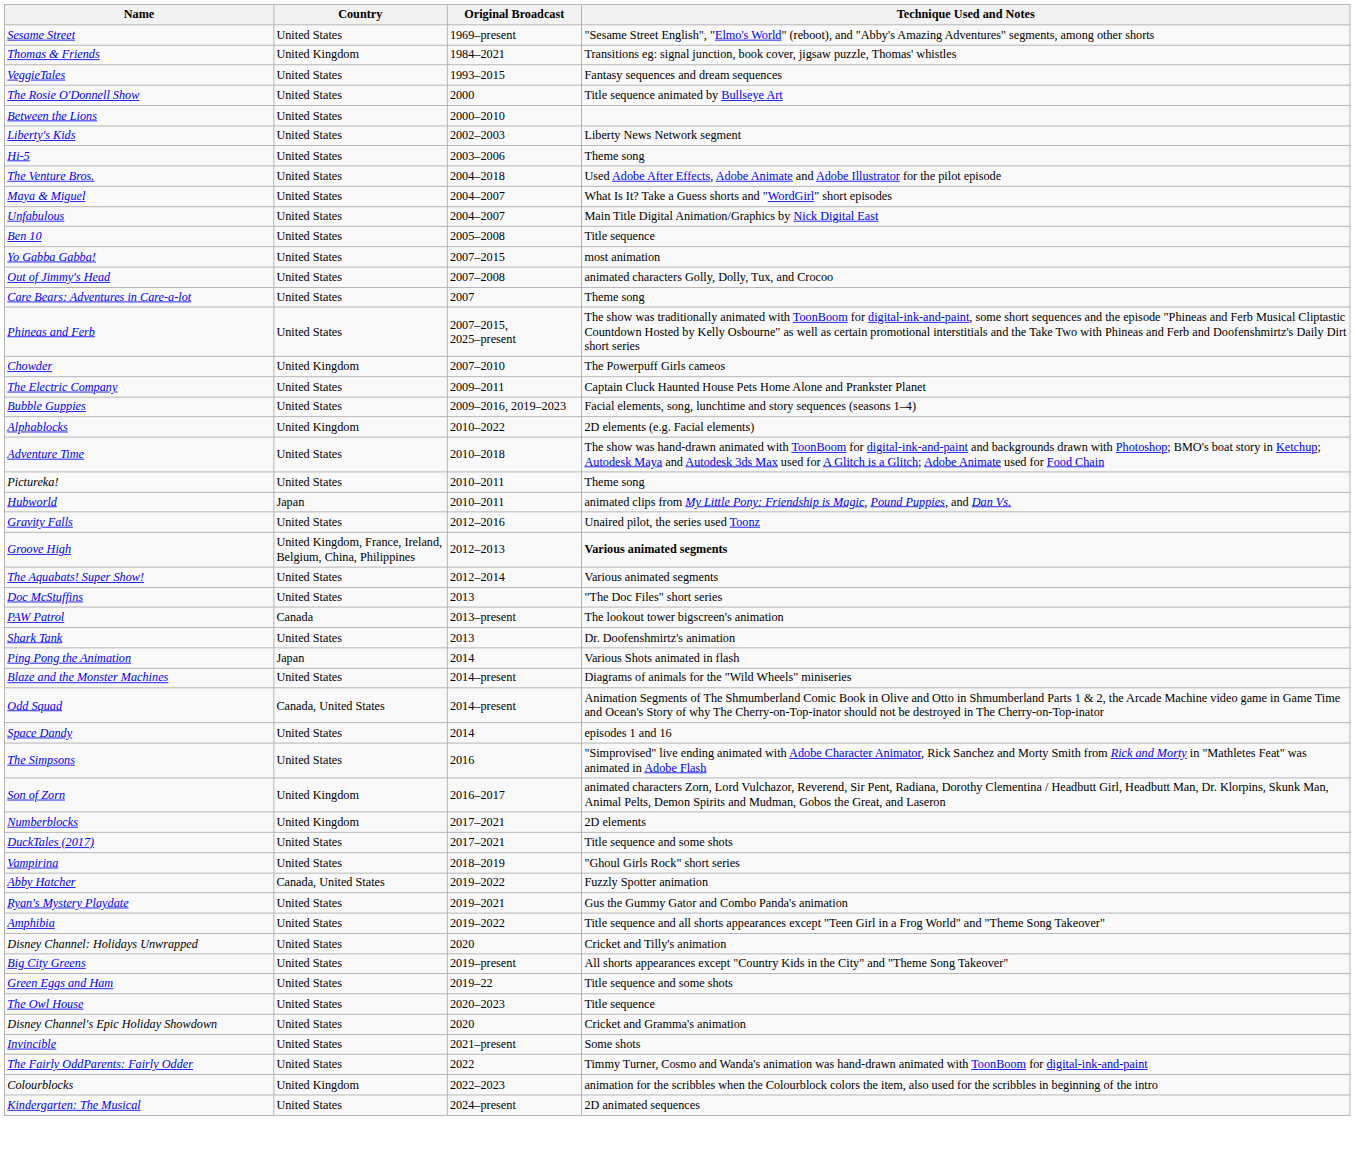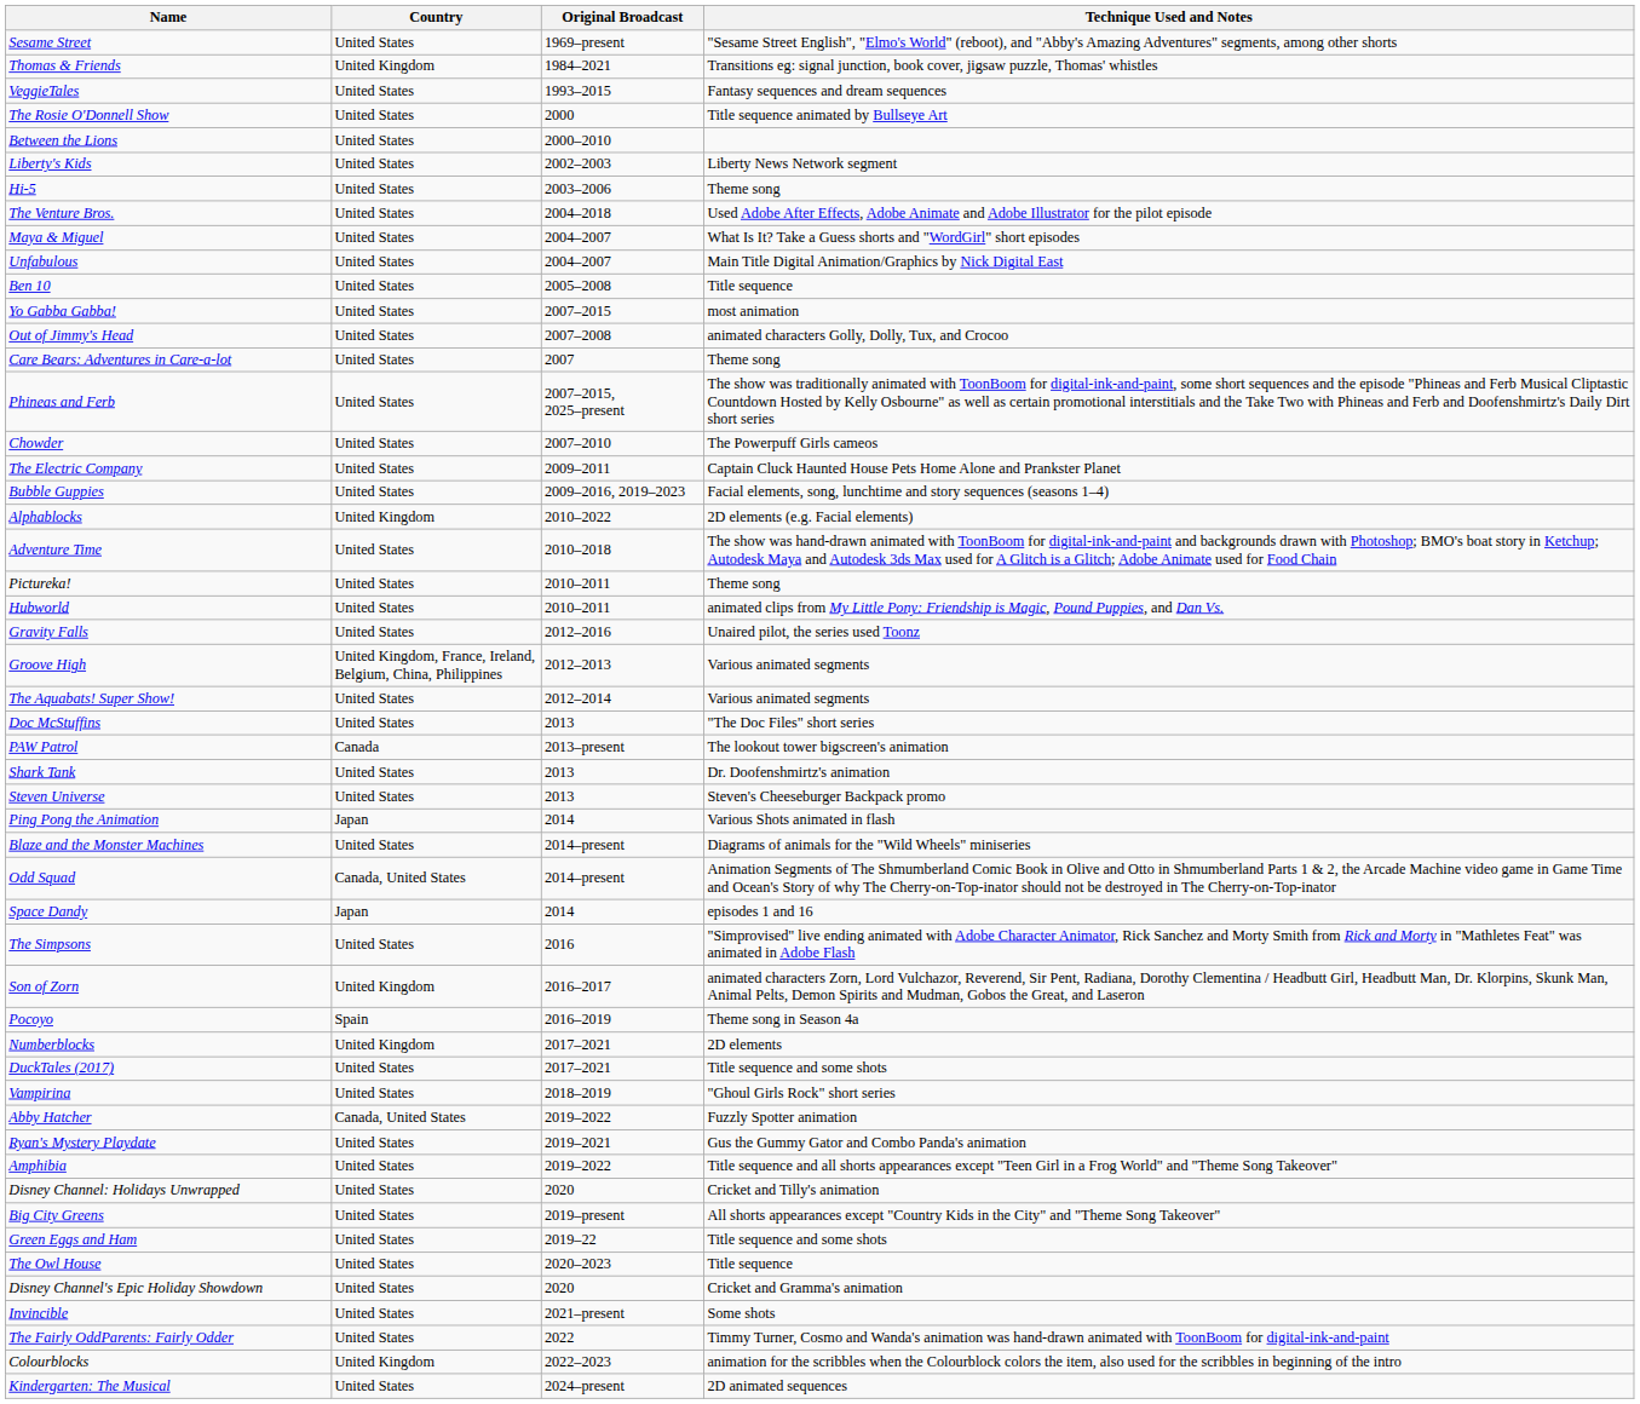 <table class="wikitable sortable" style="text-align: left; font-size:90%; width:100%;">
 <tr>
 <th style="width:20%">Name</th>
 <th>Country</th>
 <th style="width:10%">Original Broadcast</th>
 <th>Technique Used and Notes</th>
 </tr>
 <tr>
 <td><em><a href='#'>Sesame Street</a></em></td>
 <td>United States</td>
 <td>1969–present</td>
 <td>"Sesame Street English", "<a href='#'>Elmo's World</a>" (reboot), and "Abby's Amazing Adventures" segments, among other shorts</td>
 </tr>
 <tr>
 <td><em><a href='#'>Thomas & Friends</a></em></td>
 <td>United Kingdom</td>
 <td>1984–2021</td>
 <td>Transitions eg: signal junction, book cover, jigsaw puzzle, Thomas' whistles</td>
 </tr>
 <tr>
 <td><em><a href='#'>VeggieTales</a></em></td>
 <td>United States</td>
 <td>1993–2015</td>
 <td>Fantasy sequences and dream sequences</td>
 </tr>
 <tr>
 <td><em><a href='#'>The Rosie O'Donnell Show</a></em></td>
 <td>United States</td>
 <td>2000</td>
 <td>Title sequence animated by <a href='#'>Bullseye Art</a></td>
 </tr>
 <tr>
 <td><em><a href='#'>Between the Lions</a></em></td>
 <td>United States</td>
 <td>2000–2010</td>
 <td></td>
 </tr>
 <tr>
 <td><em><a href='#'>Liberty's Kids</a></em></td>
 <td>United States</td>
 <td>2002–2003</td>
 <td>Liberty News Network segment</td>
 </tr>
 <tr>
 <td><em><a href='#'>Hi-5</a></em></td>
 <td>United States</td>
 <td>2003–2006</td>
 <td>Theme song</td>
 </tr>
 <tr>
 <td><em><a href='#'>The Venture Bros.</a></em></td>
 <td>United States</td>
 <td>2004–2018</td>
 <td>Used <a href='#'>Adobe After Effects</a>, <a href='#'>Adobe Animate</a> and <a href='#'>Adobe Illustrator</a> for the pilot episode</td>
 </tr>
 <tr>
 <td><em><a href='#'>Maya & Miguel</a></em></td>
 <td>United States</td>
 <td>2004–2007</td>
 <td>What Is It? Take a Guess shorts and "<a href='#'>WordGirl</a>" short episodes</td>
 </tr>
 <tr>
 <td><em><a href='#'>Unfabulous</a></em></td>
 <td>United States</td>
 <td>2004–2007</td>
 <td>Main Title Digital Animation/Graphics by <a href='#'>Nick Digital East</a></td>
 </tr>
 <tr>
 <td><em><a href='#'>Ben 10</a></em></td>
 <td>United States</td>
 <td>2005–2008</td>
 <td>Title sequence</td>
 </tr>
 <tr>
 <td><em><a href='#'>Yo Gabba Gabba!</a></em></td>
 <td>United States</td>
 <td>2007–2015</td>
 <td>most animation</td>
 </tr>
 <tr>
 <td><em><a href='#'>Out of Jimmy's Head</a></em></td>
 <td>United States</td>
 <td>2007–2008</td>
 <td>animated characters Golly, Dolly, Tux, and Crocoo</td>
 </tr>
 <tr>
 <td><em><a href='#'>Care Bears: Adventures in Care-a-lot</a></em></td>
 <td>United States</td>
 <td>2007</td>
 <td>Theme song</td>
 </tr>
 <tr>
 <td><em><a href='#'>Phineas and Ferb</a></em></td>
 <td>United States</td>
 <td>2007–2015,<br>2025–present</td>
 <td>The show was traditionally animated with <a href='#'>ToonBoom</a> for <a href='#'>digital-ink-and-paint</a>, some short sequences and the episode "Phineas and Ferb Musical Cliptastic Countdown Hosted by Kelly Osbourne" as well as certain promotional interstitials and the Take Two with Phineas and Ferb and Doofenshmirtz's Daily Dirt short series</td>
 </tr>
 <tr>
 <td><em><a href='#'>Chowder</a></em></td>
-<td>United Kingdom</td>
+<td>United States</td>
 <td>2007–2010</td>
 <td>The Powerpuff Girls cameos</td>
 </tr>
 <tr>
 <td><em><a href='#'>The Electric Company</a></em></td>
 <td>United States</td>
 <td>2009–2011</td>
 <td>Captain Cluck Haunted House Pets Home Alone and Prankster Planet</td>
 </tr>
 <tr>
 <td><em><a href='#'>Bubble Guppies</a></em></td>
 <td>United States</td>
 <td>2009–2016, 2019–2023</td>
 <td>Facial elements, song, lunchtime and story sequences (seasons 1–4)</td>
 </tr>
 <tr>
 <td><em><a href='#'>Alphablocks</a></em></td>
 <td>United Kingdom</td>
 <td>2010–2022</td>
 <td>2D elements (e.g. Facial elements)</td>
 </tr>
 <tr>
 <td><em><a href='#'>Adventure Time</a></em></td>
 <td>United States</td>
 <td>2010–2018</td>
 <td>The show was hand-drawn animated with <a href='#'>ToonBoom</a> for <a href='#'>digital-ink-and-paint</a> and backgrounds drawn with <a href='#'>Photoshop</a>; BMO's boat story in <a href='#'>Ketchup</a>; <a href='#'>Autodesk Maya</a> and <a href='#'>Autodesk 3ds Max</a> used for <a href='#'>A Glitch is a Glitch</a>; <a href='#'>Adobe Animate</a> used for <a href='#'>Food Chain</a></td>
 </tr>
 <tr>
 <td><em>Pictureka!</em></td>
 <td>United States</td>
 <td>2010–2011</td>
 <td>Theme song</td>
 </tr>
 <tr>
 <td><em><a href='#'>Hubworld</a></em></td>
-<td>Japan</td>
+<td>United States</td>
 <td>2010–2011</td>
 <td>animated clips from <em><a href='#'>My Little Pony: Friendship is Magic</a></em>, <em><a href='#'>Pound Puppies</a></em>, and <em><a href='#'>Dan Vs.</a></em></td>
 </tr>
 <tr>
 <td><em><a href='#'>Gravity Falls</a></em></td>
 <td>United States</td>
 <td>2012–2016</td>
 <td>Unaired pilot, the series used <a href='#'>Toonz</a></td>
 </tr>
 <tr>
 <td><em><a href='#'>Groove High</a></em></td>
 <td>United Kingdom, France, Ireland, Belgium, China, Philippines</td>
 <td>2012–2013</td>
-<td><strong>Various animated segments</strong></td>
+<td>Various animated segments</td>
 </tr>
 <tr>
 <td><em><a href='#'>The Aquabats! Super Show!</a></em></td>
 <td>United States</td>
 <td>2012–2014</td>
 <td>Various animated segments</td>
 </tr>
 <tr>
 <td><em><a href='#'>Doc McStuffins</a></em></td>
 <td>United States</td>
 <td>2013</td>
 <td>"The Doc Files" short series</td>
 </tr>
 <tr>
 <td><em><a href='#'>PAW Patrol</a></em></td>
 <td>Canada</td>
 <td>2013–present</td>
 <td>The lookout tower bigscreen's animation</td>
 </tr>
 <tr>
 <td><em><a href='#'>Shark Tank</a></em></td>
 <td>United States</td>
 <td>2013</td>
 <td>Dr. Doofenshmirtz's animation</td>
 </tr>
 <tr>
+<td><em><a href='#'>Steven Universe</a></em></td>
+<td>United States</td>
+<td>2013</td>
+<td>Steven's Cheeseburger Backpack promo</td>
+</tr>
+<tr>
 <td><em><a href='#'>Ping Pong the Animation</a></em></td>
 <td>Japan</td>
 <td>2014</td>
 <td>Various Shots animated in flash</td>
 </tr>
 <tr>
 <td><em><a href='#'>Blaze and the Monster Machines</a></em></td>
 <td>United States</td>
 <td>2014–present</td>
 <td>Diagrams of animals for the "Wild Wheels" miniseries</td>
 </tr>
 <tr>
 <td><em><a href='#'>Odd Squad</a></em></td>
 <td>Canada, United States</td>
 <td>2014–present</td>
 <td>Animation Segments of The Shmumberland Comic Book in Olive and Otto in Shmumberland Parts 1 & 2, the Arcade Machine video game in Game Time and Ocean's Story of why The Cherry-on-Top-inator should not be destroyed in The Cherry-on-Top-inator</td>
 </tr>
 <tr>
 <td><em><a href='#'>Space Dandy</a></em></td>
-<td>United States</td>
+<td>Japan</td>
 <td>2014</td>
 <td>episodes 1 and 16</td>
 </tr>
 <tr>
 <td><em><a href='#'>The Simpsons</a></em></td>
 <td>United States</td>
 <td>2016</td>
 <td>"Simprovised" live ending animated with <a href='#'>Adobe Character Animator</a>, Rick Sanchez and Morty Smith from <em><a href='#'>Rick and Morty</a></em> in "Mathletes Feat" was animated in <a href='#'>Adobe Flash</a></td>
 </tr>
 <tr>
 <td><em><a href='#'>Son of Zorn</a></em></td>
 <td>United Kingdom</td>
 <td>2016–2017</td>
 <td>animated characters Zorn, Lord Vulchazor, Reverend, Sir Pent, Radiana, Dorothy Clementina / Headbutt Girl, Headbutt Man, Dr. Klorpins, Skunk Man, Animal Pelts, Demon Spirits and Mudman, Gobos the Great, and Laseron</td>
+</tr>
+<tr>
+<td><em><a href='#'>Pocoyo</a></em></td>
+<td>Spain</td>
+<td>2016–2019</td>
+<td>Theme song in Season 4a</td>
 </tr>
 <tr>
 <td><em><a href='#'>Numberblocks</a></em></td>
 <td>United Kingdom</td>
 <td>2017–2021</td>
 <td>2D elements</td>
 </tr>
 <tr>
 <td><em><a href='#'>DuckTales (2017)</a></em></td>
 <td>United States</td>
 <td>2017–2021</td>
 <td>Title sequence and some shots</td>
 </tr>
 <tr>
 <td><em><a href='#'>Vampirina</a></em></td>
 <td>United States</td>
 <td>2018–2019</td>
 <td>"Ghoul Girls Rock" short series</td>
 </tr>
 <tr>
 <td><em><a href='#'>Abby Hatcher</a></em></td>
 <td>Canada, United States</td>
 <td>2019–2022</td>
 <td>Fuzzly Spotter animation</td>
 </tr>
 <tr>
 <td><em><a href='#'>Ryan's Mystery Playdate</a></em></td>
 <td>United States</td>
 <td>2019–2021</td>
 <td>Gus the Gummy Gator and Combo Panda's animation</td>
 </tr>
 <tr>
 <td><em><a href='#'>Amphibia</a></em></td>
 <td>United States</td>
 <td>2019–2022</td>
 <td>Title sequence and all shorts appearances except "Teen Girl in a Frog World" and "Theme Song Takeover"</td>
 </tr>
 <tr>
 <td><em>Disney Channel: Holidays Unwrapped</em></td>
 <td>United States</td>
 <td>2020</td>
 <td>Cricket and Tilly's animation</td>
 </tr>
 <tr>
 <td><em><a href='#'>Big City Greens</a></em></td>
 <td>United States</td>
 <td>2019–present</td>
 <td>All shorts appearances except "Country Kids in the City" and "Theme Song Takeover"</td>
 </tr>
 <tr>
 <td><em><a href='#'>Green Eggs and Ham</a></em></td>
 <td>United States</td>
 <td>2019–22</td>
 <td>Title sequence and some shots</td>
 </tr>
 <tr>
 <td><em><a href='#'>The Owl House</a></em></td>
 <td>United States</td>
 <td>2020–2023</td>
 <td>Title sequence</td>
 </tr>
 <tr>
 <td><em>Disney Channel's Epic Holiday Showdown</em></td>
 <td>United States</td>
 <td>2020</td>
 <td>Cricket and Gramma's animation</td>
 </tr>
 <tr>
 <td><em><a href='#'>Invincible</a></em></td>
 <td>United States</td>
 <td>2021–present</td>
 <td>Some shots</td>
 </tr>
 <tr>
 <td><em><a href='#'>The Fairly OddParents: Fairly Odder</a></em></td>
 <td>United States</td>
 <td>2022</td>
 <td>Timmy Turner, Cosmo and Wanda's animation was hand-drawn animated with <a href='#'>ToonBoom</a> for <a href='#'>digital-ink-and-paint</a></td>
 </tr>
 <tr>
 <td><em>Colourblocks</em></td>
 <td>United Kingdom</td>
 <td>2022–2023</td>
 <td>animation for the scribbles when the Colourblock colors the item, also used for the scribbles in beginning of the intro</td>
 </tr>
 <tr>
 <td><em><a href='#'>Kindergarten: The Musical</a></em></td>
 <td>United States</td>
 <td>2024–present</td>
 <td>2D animated sequences</td>
 </tr>
 </table>
